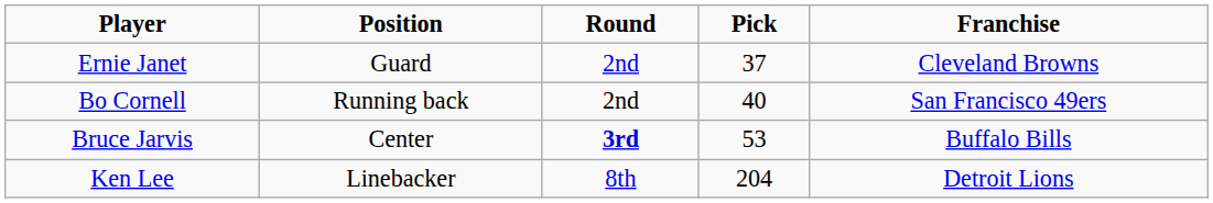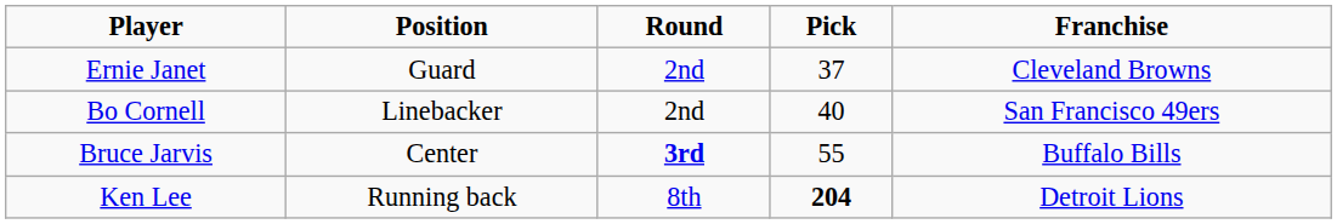 <table class="wikitable" width="50%">
 <tr align="center">
 <td><strong>Player</strong></td>
 <td><strong>Position</strong></td>
 <td><strong>Round</strong></td>
 <td><strong>Pick</strong></td>
 <td><strong>Franchise</strong></td>
 </tr>
 <tr align="center" bgcolor="">
 <td><a href='#'>Ernie Janet</a></td>
 <td>Guard</td>
 <td><a href='#'>2nd</a></td>
 <td>37</td>
 <td><a href='#'>Cleveland Browns</a></td>
 </tr>
 <tr align="center" bgcolor="">
 <td><a href='#'>Bo Cornell</a></td>
-<td>Running back</td>
+<td>Linebacker</td>
 <td>2nd</td>
 <td>40</td>
 <td><a href='#'>San Francisco 49ers</a></td>
 </tr>
 <tr align="center" bgcolor="">
 <td><a href='#'>Bruce Jarvis</a></td>
 <td>Center</td>
 <td><strong><a href='#'>3rd</a></strong></td>
-<td>53</td>
+<td>55</td>
 <td><a href='#'>Buffalo Bills</a></td>
 </tr>
 <tr align="center" bgcolor="">
 <td><a href='#'>Ken Lee</a></td>
-<td>Linebacker</td>
+<td>Running back</td>
 <td><a href='#'>8th</a></td>
-<td>204</td>
+<td><strong>204</strong></td>
 <td><a href='#'>Detroit Lions</a></td>
 </tr>
 </table>
